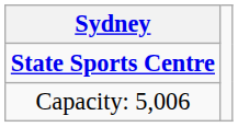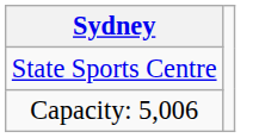 <table class="wikitable" style="text-align:center;">
 <tr>
 <th><a href='#'>Sydney</a></th>
 <td rowspan="3"><br></td>
 </tr>
 <tr>
-<td><strong><a href='#'>State Sports Centre</a></strong></td>
+<td><a href='#'>State Sports Centre</a></td>
 </tr>
 <tr>
 <td>Capacity: 5,006</td>
 </tr>
 </table>
